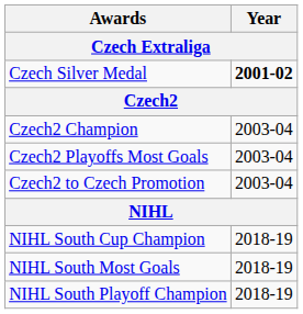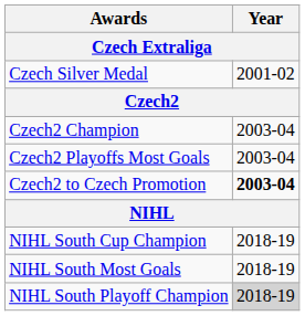 <table class="wikitable">
 <tr>
 <th>Awards</th>
 <th>Year</th>
 </tr>
 <tr ALIGN="center" bgcolor="#e0e0e0">
 <th colspan="3"><a href='#'>Czech Extraliga</a></th>
 </tr>
 <tr>
 <td><a href='#'>Czech Silver Medal</a></td>
-<td><strong>2001-02</strong></td>
+<td>2001-02</td>
 </tr>
 <tr ALIGN="center" bgcolor="#e0e0e0">
 <th colspan="3"><a href='#'>Czech2</a></th>
 </tr>
 <tr>
 <td><a href='#'>Czech2 Champion</a></td>
 <td>2003-04</td>
 </tr>
 <tr>
 <td><a href='#'>Czech2 Playoffs Most Goals</a></td>
 <td>2003-04</td>
 </tr>
 <tr>
 <td><a href='#'>Czech2 to Czech Promotion</a></td>
-<td>2003-04</td>
+<td><strong>2003-04</strong></td>
 </tr>
 <tr ALIGN="center" bgcolor="#e0e0e0">
 <th colspan="3"><a href='#'>NIHL</a></th>
 </tr>
 <tr>
 <td><a href='#'>NIHL South Cup Champion</a></td>
 <td>2018-19</td>
 </tr>
 <tr>
 <td><a href='#'>NIHL South Most Goals</a></td>
 <td>2018-19</td>
 </tr>
 <tr>
 <td><a href='#'>NIHL South Playoff Champion</a></td>
-<td>2018-19</td>
+<td style="background: lightgrey;">2018-19</td>
 </tr>
 </table>
